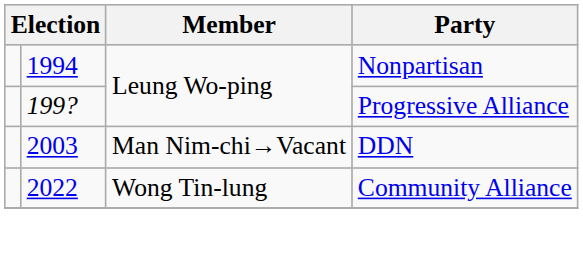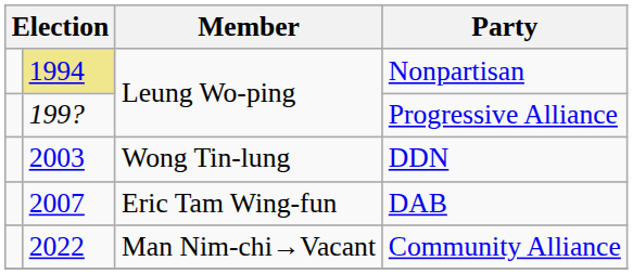 <table class="wikitable">
 <tr>
 <th colspan="2">Election</th>
 <th>Member</th>
 <th>Party</th>
 </tr>
 <tr>
 <td style="background-color: "></td>
-<td><a href='#'>1994</a></td>
+<td style="background: khaki;"><a href='#'>1994</a></td>
 <td rowspan=2>Leung Wo-ping</td>
 <td><a href='#'>Nonpartisan</a></td>
 </tr>
 <tr>
 <td style="background-color: "></td>
 <td><em>199?</em></td>
 <td><a href='#'>Progressive Alliance</a></td>
 </tr>
 <tr>
 <td style="background-color: "></td>
 <td><a href='#'>2003</a></td>
-<td>Man Nim-chi→Vacant</td>
+<td>Wong Tin-lung</td>
 <td><a href='#'>DDN</a></td>
 </tr>
 <tr>
 <td style="background-color: "></td>
+<td><a href='#'>2007</a></td>
+<td>Eric Tam Wing-fun</td>
+<td><a href='#'>DAB</a></td>
+</tr>
+<tr>
+<td style="background-color: "></td>
 <td><a href='#'>2022</a></td>
-<td>Wong Tin-lung</td>
+<td>Man Nim-chi→Vacant</td>
 <td><a href='#'>Community Alliance</a></td>
 </tr>
 <tr>
 </tr>
 </table>
